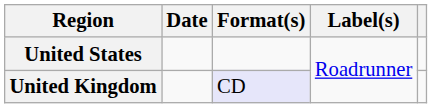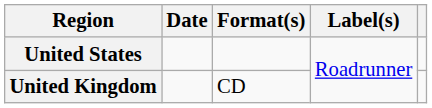 <table class="wikitable plainrowheaders" style="text-align:left">
 <tr>
 <th scope="col">Region</th>
 <th scope="col">Date</th>
 <th scope="col">Format(s)</th>
 <th scope="col">Label(s)</th>
 <th scope="col"></th>
 </tr>
 <tr>
 <th scope="row">United States</th>
 <td></td>
 <td></td>
 <td rowspan="2"><a href='#'>Roadrunner</a></td>
 <td></td>
 </tr>
 <tr>
 <th scope="row">United Kingdom</th>
 <td></td>
-<td style="background: lavender;">CD</td>
+<td>CD</td>
 <td></td>
 </tr>
 </table>
